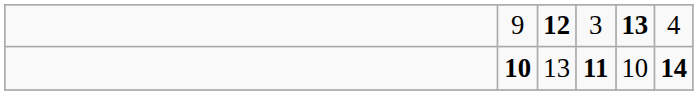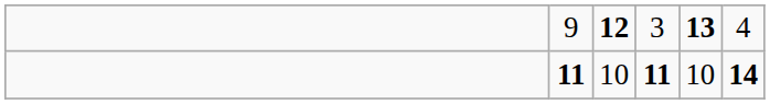 <table class="wikitable">
 <tr>
 <td style="width:18em"></td>
 <td align=center style="width:1em">9</td>
 <td align=center style="width:1em"><strong>12</strong></td>
 <td align=center style="width:1em">3</td>
 <td align=center style="width:1em"><strong>13</strong></td>
 <td align=center style="width:1em">4</td>
 </tr>
 <tr>
 <td style="width:18em"><strong></strong></td>
-<td align=center style="width:1em"><strong>10</strong></td>
-<td align=center style="width:1em">13</td>
+<td align=center style="width:1em"><strong>11</strong></td>
+<td align=center style="width:1em">10</td>
 <td align=center style="width:1em"><strong>11</strong></td>
 <td align=center style="width:1em">10</td>
 <td align=center style="width:1em"><strong>14</strong></td>
 </tr>
 </table>
